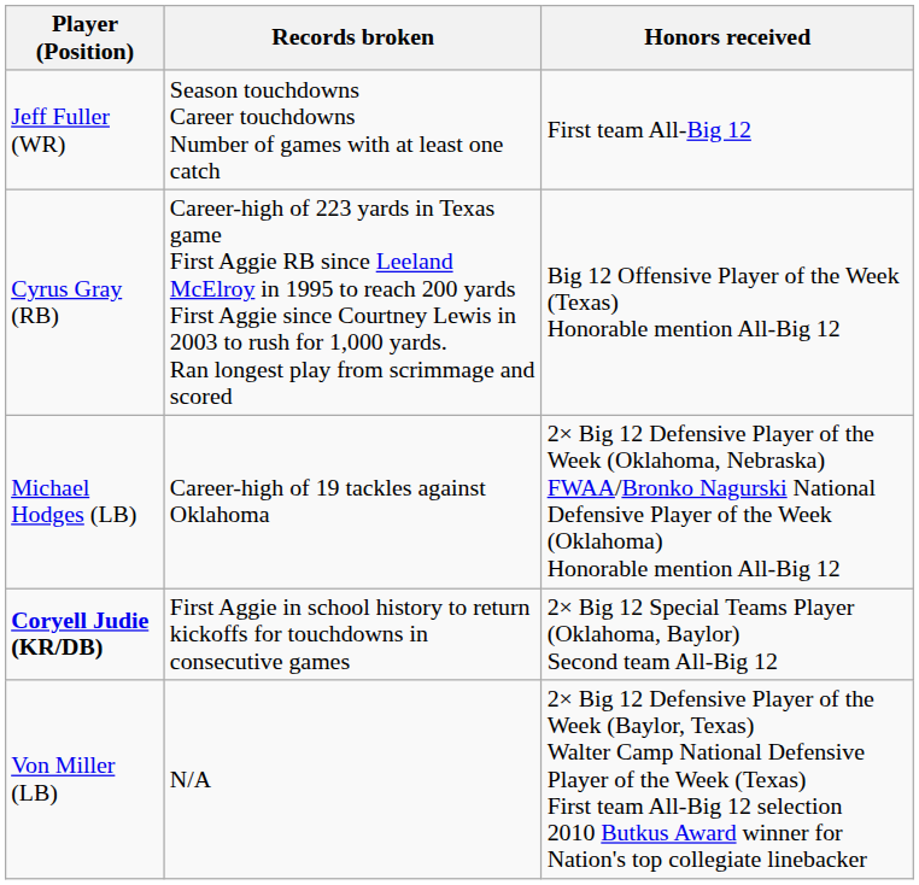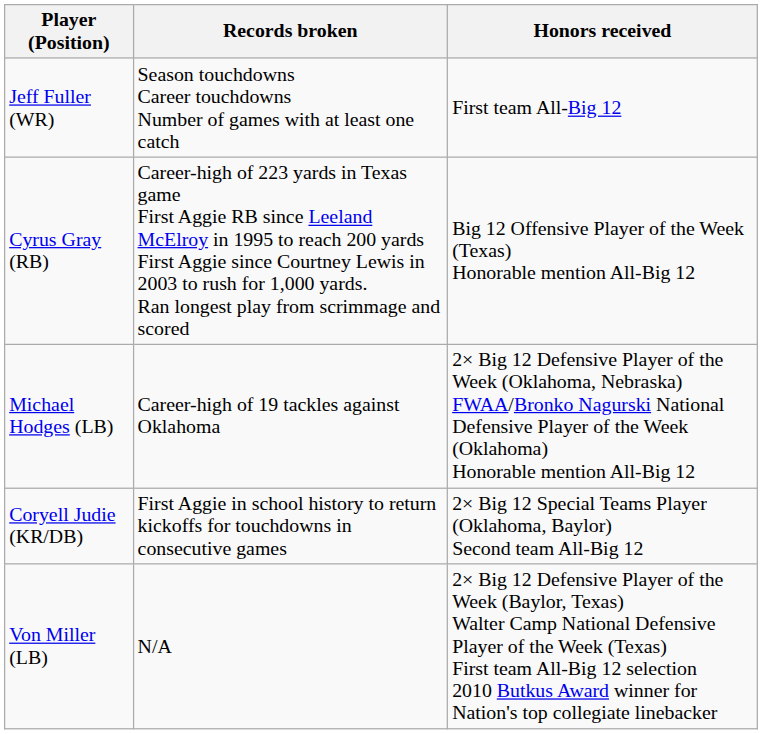 <table class="wikitable sortable">
 <tr>
 <th>Player (Position)</th>
 <th>Records broken</th>
 <th>Honors received</th>
 </tr>
 <tr>
 <td><a href='#'>Jeff Fuller</a> (WR)</td>
 <td>Season touchdowns<br> Career touchdowns<br> Number of games with at least one catch</td>
 <td>First team All-<a href='#'>Big 12</a></td>
 </tr>
 <tr>
 <td><a href='#'>Cyrus Gray</a> (RB)</td>
 <td>Career-high of 223 yards in Texas game<br>First Aggie RB since <a href='#'>Leeland McElroy</a> in 1995 to reach 200 yards<br>First Aggie since Courtney Lewis in 2003 to rush for 1,000 yards.<br>Ran longest play from scrimmage and scored</td>
 <td>Big 12 Offensive Player of the Week (Texas)<br>Honorable mention All-Big 12</td>
 </tr>
 <tr>
 <td><a href='#'>Michael Hodges</a> (LB)</td>
 <td>Career-high of 19 tackles against Oklahoma</td>
 <td>2× Big 12 Defensive Player of the Week (Oklahoma, Nebraska)<br><a href='#'>FWAA</a>/<a href='#'>Bronko Nagurski</a> National Defensive Player of the Week (Oklahoma)<br>Honorable mention All-Big 12</td>
 </tr>
 <tr>
-<td><strong><a href='#'>Coryell Judie</a> (KR/DB)</strong></td>
+<td><a href='#'>Coryell Judie</a> (KR/DB)</td>
 <td>First Aggie in school history to return kickoffs for touchdowns in consecutive games</td>
 <td>2× Big 12 Special Teams Player (Oklahoma, Baylor)<br>Second team All-Big 12</td>
 </tr>
 <tr>
 <td><a href='#'>Von Miller</a> (LB)</td>
 <td>N/A</td>
 <td>2× Big 12 Defensive Player of the Week (Baylor, Texas)<br>Walter Camp National Defensive Player of the Week (Texas)<br>First team All-Big 12 selection<br>2010 <a href='#'>Butkus Award</a> winner for Nation's top collegiate linebacker</td>
 </tr>
 </table>
